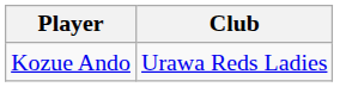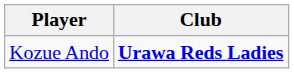 <table class="wikitable">
 <tr>
 <th>Player</th>
 <th>Club</th>
 </tr>
 <tr>
 <td> <a href='#'>Kozue Ando</a></td>
-<td><a href='#'>Urawa Reds Ladies</a></td>
+<td><strong><a href='#'>Urawa Reds Ladies</a></strong></td>
 </tr>
 </table>
